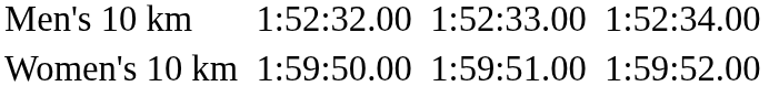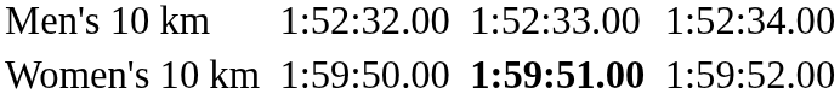 <table>
 <tr>
 <td>Men's 10 km </td>
 <td></td>
 <td>1:52:32.00</td>
 <td></td>
 <td>1:52:33.00</td>
 <td></td>
 <td>1:52:34.00</td>
 </tr>
 <tr>
 <td>Women's 10 km</td>
 <td></td>
 <td>1:59:50.00</td>
 <td></td>
-<td>1:59:51.00</td>
+<td><strong>1:59:51.00</strong></td>
 <td></td>
 <td>1:59:52.00</td>
 </tr>
 </table>
